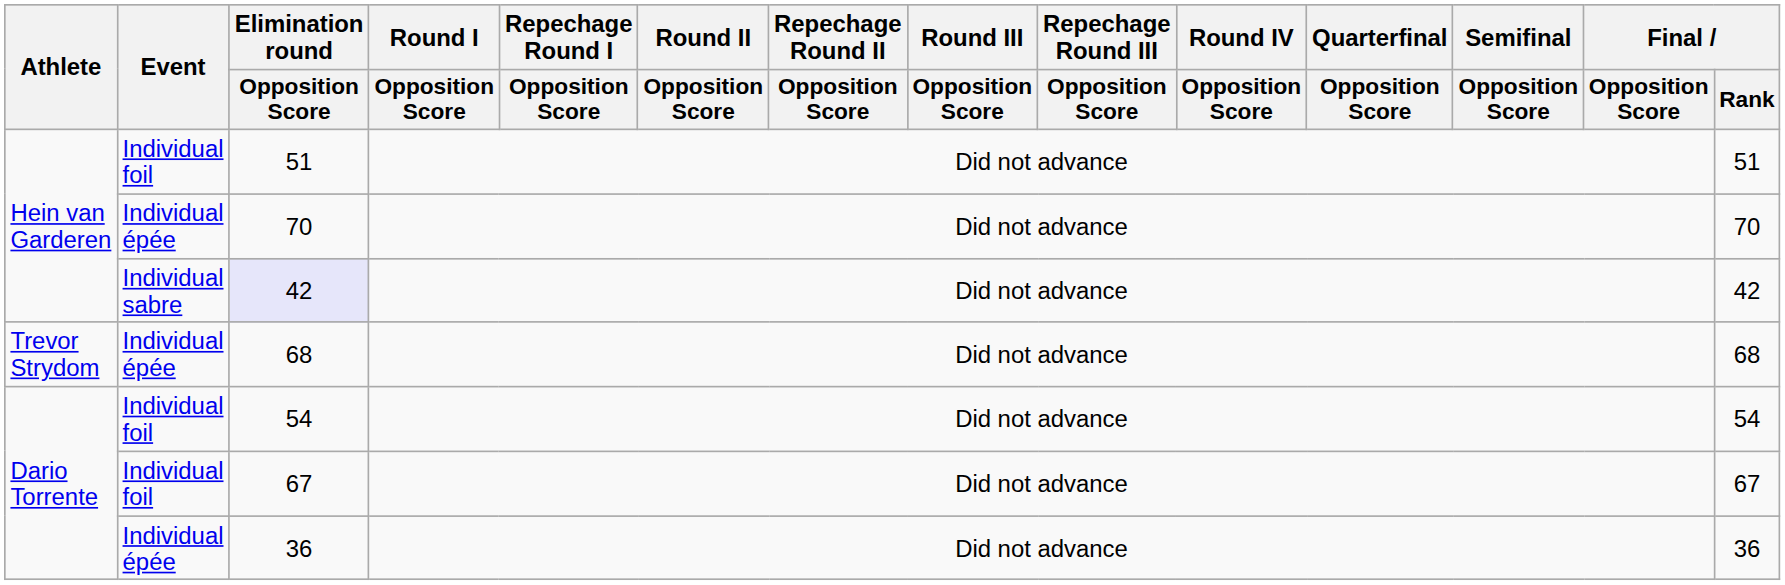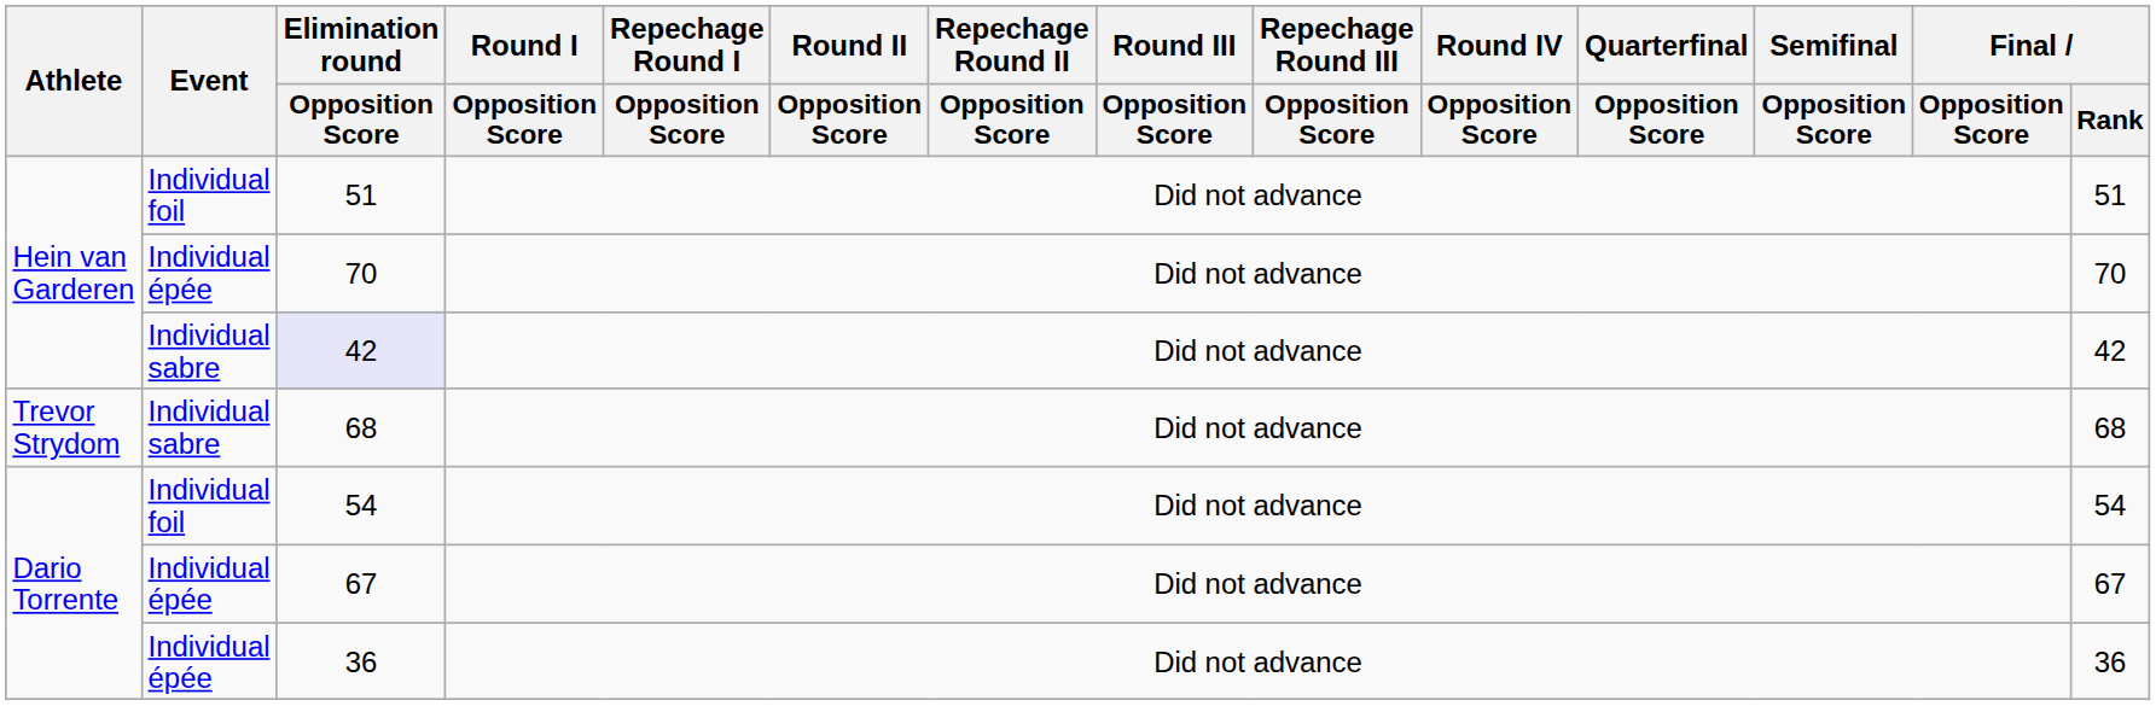 <table class="wikitable" style="font-size:90%">
 <tr>
 <th rowspan="2">Athlete</th>
 <th rowspan="2">Event</th>
 <th>Elimination round</th>
 <th>Round I</th>
 <th>Repechage Round I</th>
 <th>Round II</th>
 <th>Repechage Round II</th>
 <th>Round III</th>
 <th>Repechage Round III</th>
 <th>Round IV</th>
 <th>Quarterfinal</th>
 <th>Semifinal</th>
 <th colspan=2>Final / </th>
 </tr>
 <tr style="font-size:95%">
 <th>Opposition <br> Score</th>
 <th>Opposition <br> Score</th>
 <th>Opposition <br> Score</th>
 <th>Opposition <br> Score</th>
 <th>Opposition <br> Score</th>
 <th>Opposition <br> Score</th>
 <th>Opposition <br> Score</th>
 <th>Opposition <br> Score</th>
 <th>Opposition <br> Score</th>
 <th>Opposition <br> Score</th>
 <th>Opposition <br> Score</th>
 <th>Rank</th>
 </tr>
 <tr align=center>
 <td align=left rowspan=3><a href='#'>Hein van Garderen</a></td>
 <td align=left><a href='#'>Individual foil</a></td>
 <td>51</td>
 <td colspan=10>Did not advance</td>
 <td>51</td>
 </tr>
 <tr align=center>
 <td align=left><a href='#'>Individual épée</a></td>
 <td>70</td>
 <td colspan=10>Did not advance</td>
 <td>70</td>
 </tr>
 <tr align=center>
 <td align=left><a href='#'>Individual sabre</a></td>
 <td style="background: lavender;">42</td>
 <td colspan=10>Did not advance</td>
 <td>42</td>
 </tr>
 <tr align=center>
 <td align=left><a href='#'>Trevor Strydom</a></td>
-<td align=left><a href='#'>Individual épée</a></td>
+<td align=left><a href='#'>Individual sabre</a></td>
 <td>68</td>
 <td colspan=10>Did not advance</td>
 <td>68</td>
 </tr>
 <tr align=center>
 <td align=left rowspan=3><a href='#'>Dario Torrente</a></td>
 <td align=left><a href='#'>Individual foil</a></td>
 <td>54</td>
 <td colspan=10>Did not advance</td>
 <td>54</td>
 </tr>
 <tr align=center>
-<td align=left><a href='#'>Individual foil</a></td>
+<td align=left><a href='#'>Individual épée</a></td>
 <td>67</td>
 <td colspan=10>Did not advance</td>
 <td>67</td>
 </tr>
 <tr align=center>
 <td align=left><a href='#'>Individual épée</a></td>
 <td>36</td>
 <td colspan=10>Did not advance</td>
 <td>36</td>
 </tr>
 </table>
